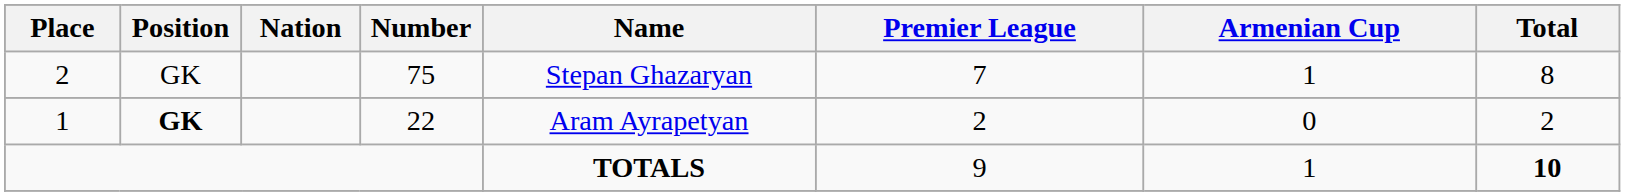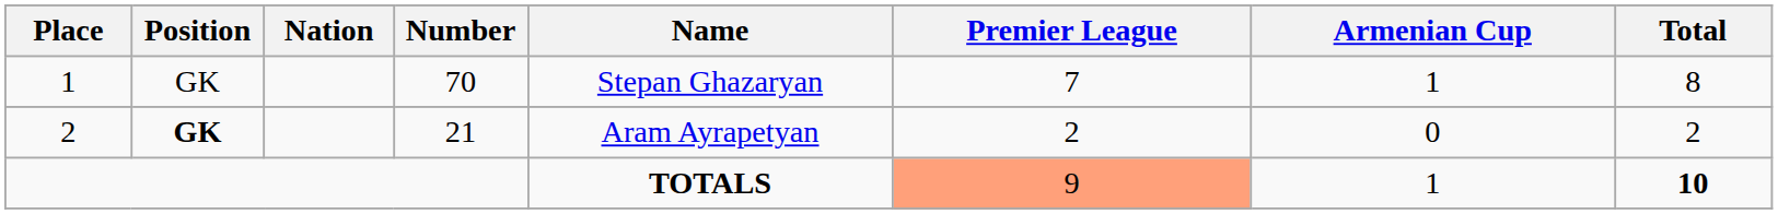 <table class="wikitable" style="font-size: 95%; text-align: center;">
 <tr>
 <th width=60>Place</th>
 <th width=60>Position</th>
 <th width=60>Nation</th>
 <th width=60>Number</th>
 <th width=200>Name</th>
 <th width=200><a href='#'>Premier League</a></th>
 <th width=200><a href='#'>Armenian Cup</a></th>
 <th width=80><strong>Total</strong></th>
 </tr>
 <tr>
-<td>2</td>
+<td>1</td>
 <td>GK</td>
 <td></td>
-<td>75</td>
+<td>70</td>
 <td><a href='#'>Stepan Ghazaryan</a></td>
 <td>7</td>
 <td>1</td>
 <td>8</td>
 </tr>
 <tr>
-<td>1</td>
+<td>2</td>
 <td><strong>GK</strong></td>
 <td></td>
-<td>22</td>
+<td>21</td>
 <td><a href='#'>Aram Ayrapetyan</a></td>
 <td>2</td>
 <td>0</td>
 <td>2</td>
 </tr>
 <tr>
 <td colspan="4"></td>
 <td><strong>TOTALS</strong></td>
-<td>9</td>
+<td style="background: lightsalmon;">9</td>
 <td>1</td>
 <td><strong>10</strong></td>
 </tr>
 </table>
